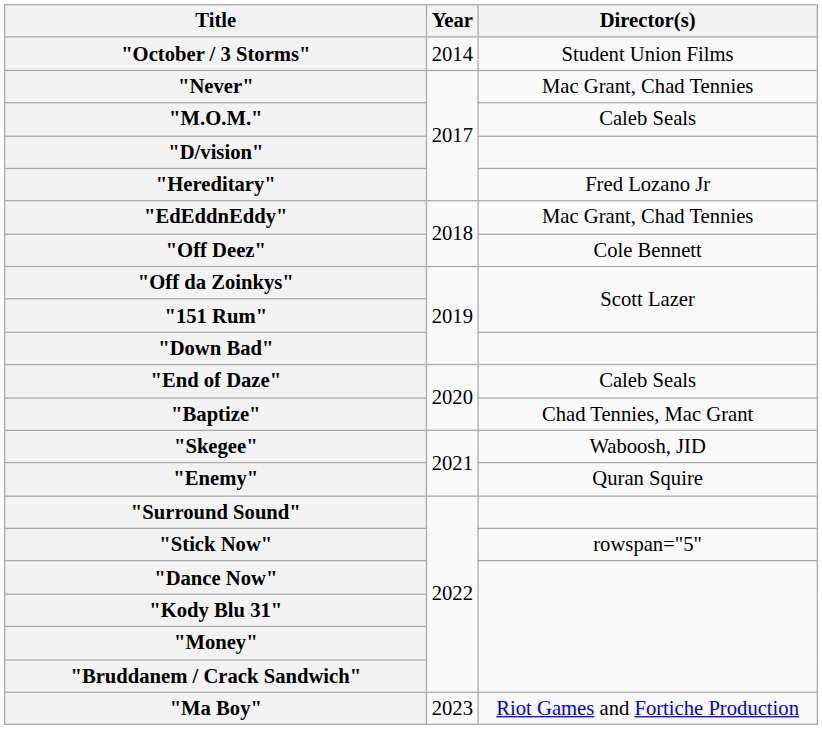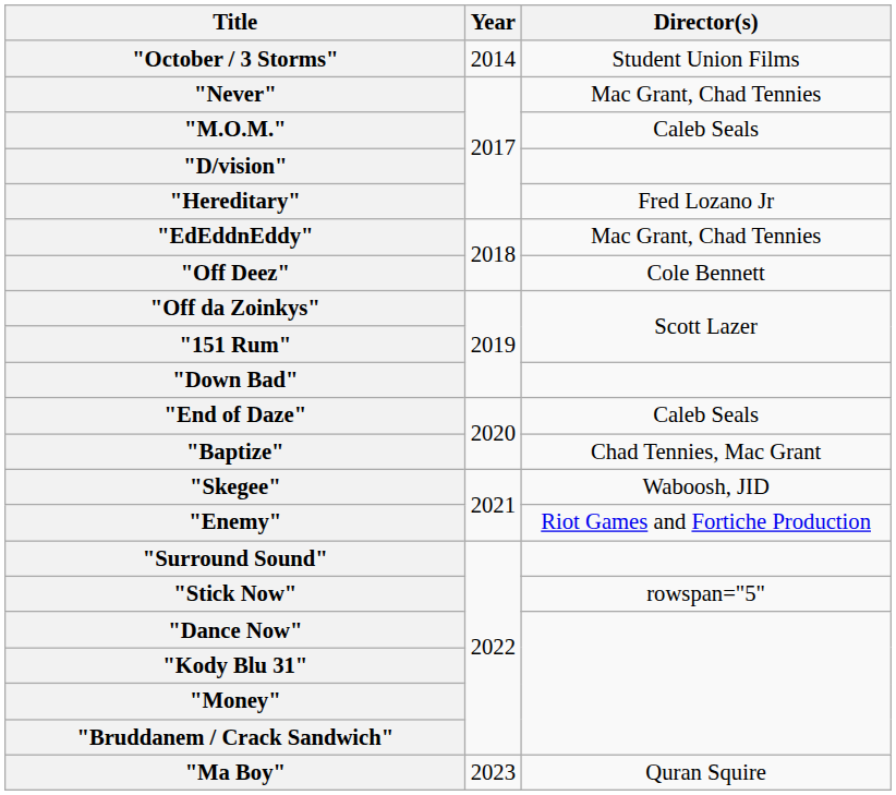 <table class="wikitable plainrowheaders" style="text-align:center;">
 <tr>
 <th style="width:20em;">Title</th>
 <th>Year</th>
 <th style="width:16em;">Director(s)</th>
 </tr>
 <tr>
 <th scope="row">"October / 3 Storms"<br></th>
 <td>2014</td>
 <td>Student Union Films</td>
 </tr>
 <tr>
 <th scope="row">"Never"</th>
 <td rowspan="4">2017</td>
 <td>Mac Grant, Chad Tennies</td>
 </tr>
 <tr>
 <th scope="row">"M.O.M."</th>
 <td>Caleb Seals</td>
 </tr>
 <tr>
 <th scope="row">"D/vision"<br></th>
 <td></td>
 </tr>
 <tr>
 <th scope="row">"Hereditary"</th>
 <td>Fred Lozano Jr</td>
 </tr>
 <tr>
 <th scope="row">"EdEddnEddy"</th>
 <td rowspan="2">2018</td>
 <td>Mac Grant, Chad Tennies</td>
 </tr>
 <tr>
 <th scope="row">"Off Deez"<br></th>
 <td>Cole Bennett</td>
 </tr>
 <tr>
 <th scope="row">"Off da Zoinkys"</th>
 <td rowspan="3">2019</td>
 <td rowspan="2">Scott Lazer</td>
 </tr>
 <tr>
 <th scope="row">"151 Rum"</th>
 </tr>
 <tr>
 <th scope="row">"Down Bad"<br></th>
 <td></td>
 </tr>
 <tr>
 <th scope="row">"End of Daze"<br></th>
 <td rowspan="2">2020</td>
 <td>Caleb Seals</td>
 </tr>
 <tr>
 <th scope="row">"Baptize"<br></th>
 <td>Chad Tennies, Mac Grant</td>
 </tr>
 <tr>
 <th scope="row">"Skegee"</th>
 <td rowspan="2">2021</td>
 <td>Waboosh, JID</td>
 </tr>
 <tr>
 <th scope="row">"Enemy"<br></th>
-<td>Quran Squire</td>
+<td><a href='#'>Riot Games</a> and <a href='#'>Fortiche Production</a></td>
 </tr>
 <tr>
 <th scope="row">"Surround Sound"<br></th>
 <td rowspan="6">2022</td>
 <td></td>
 </tr>
 <tr>
 <th scope="row">"Stick Now"<br></th>
 <td>rowspan="5" </td>
 </tr>
 <tr>
 <th scope="row">"Dance Now"<br></th>
 </tr>
 <tr>
 <th scope="row">"Kody Blu 31"</th>
 </tr>
 <tr>
 <th scope="row">"Money"</th>
 </tr>
 <tr>
 <th scope="row">"Bruddanem / Crack Sandwich"</th>
 </tr>
 <tr>
 <th scope="row">"Ma Boy"<br></th>
 <td>2023</td>
-<td><a href='#'>Riot Games</a> and <a href='#'>Fortiche Production</a></td>
+<td>Quran Squire</td>
 </tr>
 <tr>
 </tr>
 </table>
